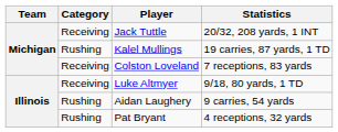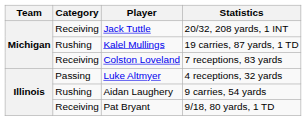 <table class="wikitable" style="float:right">
 <tr>
 <th>Team</th>
 <th>Category</th>
 <th>Player</th>
 <th>Statistics</th>
 </tr>
 <tr>
 <th rowspan=3>Michigan</th>
 <td>Receiving</td>
 <td><a href='#'>Jack Tuttle</a></td>
 <td>20/32, 208 yards, 1 INT</td>
 </tr>
 <tr>
 <td>Rushing</td>
 <td><a href='#'>Kalel Mullings</a></td>
 <td>19 carries, 87 yards, 1 TD</td>
 </tr>
 <tr>
 <td>Receiving</td>
 <td><a href='#'>Colston Loveland</a></td>
 <td>7 receptions, 83 yards</td>
 </tr>
 <tr>
 <th rowspan=3>Illinois</th>
-<td>Receiving</td>
+<td>Passing</td>
 <td><a href='#'>Luke Altmyer</a></td>
-<td>9/18, 80 yards, 1 TD</td>
+<td>4 receptions, 32 yards</td>
 </tr>
 <tr>
 <td>Rushing</td>
 <td>Aidan Laughery</td>
 <td>9 carries, 54 yards</td>
 </tr>
 <tr>
-<td>Rushing</td>
+<td>Receiving</td>
 <td>Pat Bryant</td>
-<td>4 receptions, 32 yards</td>
+<td>9/18, 80 yards, 1 TD</td>
 </tr>
 </table>
